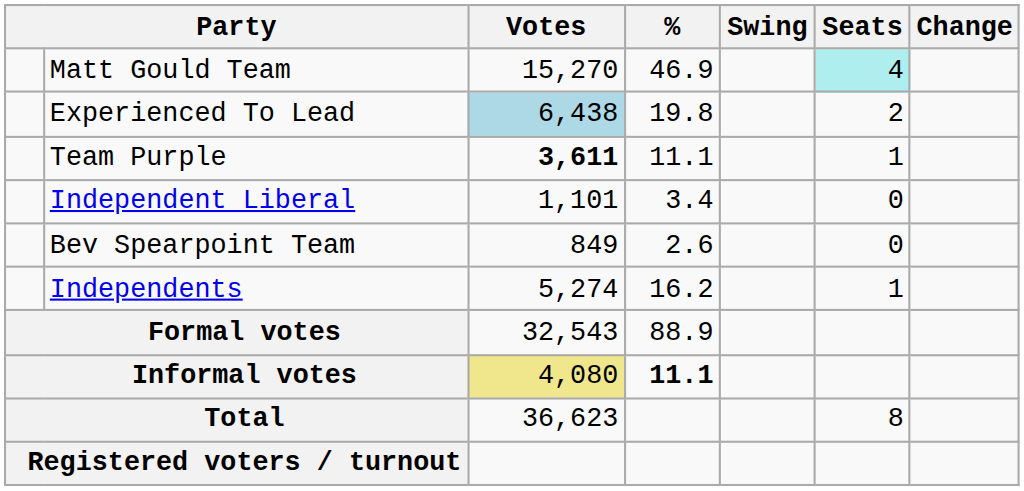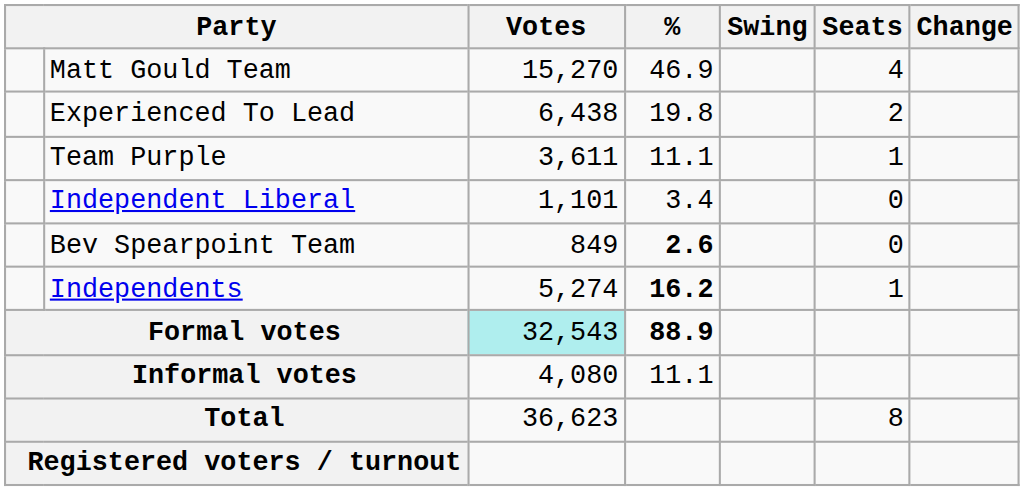 <table class="wikitable" style="text-align:right; margin-bottom:0">
 <tr>
 <th style="width:10px" colspan=3>Party</th>
 <th style="width:70px;">Votes</th>
 <th style="width:40px;">%</th>
 <th style="width:40px;">Swing</th>
 <th style="width:40px;">Seats</th>
 <th style="width:40px;">Change</th>
 </tr>
 <tr>
 <td> </td>
 <td style="text-align:left;" colspan="2">Matt Gould Team</td>
 <td>15,270</td>
 <td>46.9</td>
 <td></td>
-<td style="background: paleturquoise;">4</td>
+<td>4</td>
 <td></td>
 </tr>
 <tr>
 <td> </td>
 <td style="text-align:left;" colspan="2">Experienced To Lead</td>
-<td style="background: lightblue;">6,438</td>
+<td>6,438</td>
 <td>19.8</td>
 <td></td>
 <td>2</td>
 <td></td>
 </tr>
 <tr>
 <td> </td>
 <td style="text-align:left;" colspan="2">Team Purple</td>
-<td><strong>3,611</strong></td>
+<td>3,611</td>
 <td>11.1</td>
 <td></td>
 <td>1</td>
 <td></td>
 </tr>
 <tr>
 <td> </td>
 <td style="text-align:left;" colspan="2"><a href='#'>Independent Liberal</a></td>
 <td>1,101</td>
 <td>3.4</td>
 <td></td>
 <td>0</td>
 <td></td>
 </tr>
 <tr>
 <td> </td>
 <td style="text-align:left;" colspan="2">Bev Spearpoint Team</td>
 <td>849</td>
-<td>2.6</td>
+<td><strong>2.6</strong></td>
 <td></td>
 <td>0</td>
 <td></td>
 </tr>
 <tr>
 <td> </td>
 <td style="text-align:left;" colspan="2"><a href='#'>Independents</a></td>
 <td>5,274</td>
-<td>16.2</td>
+<td><strong>16.2</strong></td>
 <td></td>
 <td>1</td>
 <td></td>
 </tr>
 <tr>
 <th colspan="3" rowspan="1"> Formal votes</th>
-<td>32,543</td>
-<td>88.9</td>
+<td style="background: paleturquoise;">32,543</td>
+<td><strong>88.9</strong></td>
 <td></td>
 <td></td>
 <td></td>
 </tr>
 <tr>
 <th colspan="3" rowspan="1"> Informal votes</th>
-<td style="background: khaki;">4,080</td>
-<td><strong>11.1</strong></td>
+<td>4,080</td>
+<td>11.1</td>
 <td></td>
 <td></td>
 <td></td>
 </tr>
 <tr>
 <th colspan="3" rowspan="1"> <strong>Total </strong></th>
 <td>36,623</td>
 <td></td>
 <td></td>
 <td>8</td>
 <td></td>
 </tr>
 <tr>
 <th colspan="3" rowspan="1"> Registered voters / turnout</th>
 <td></td>
 <td></td>
 <td></td>
 <td></td>
 <td></td>
 </tr>
 </table>
